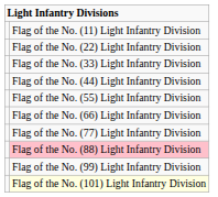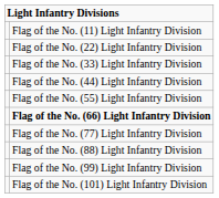 <table class="wikitable">
 <tr>
 <td colspan="2"><strong>Light Infantry Divisions</strong></td>
 </tr>
 <tr>
 <td></td>
 <td>Flag of the No. (11) Light Infantry Division</td>
 </tr>
 <tr>
 <td></td>
 <td>Flag of the No. (22) Light Infantry Division</td>
 </tr>
 <tr>
 <td></td>
 <td>Flag of the No. (33) Light Infantry Division</td>
 </tr>
 <tr>
 <td></td>
 <td>Flag of the No. (44) Light Infantry Division</td>
 </tr>
 <tr>
 <td></td>
 <td>Flag of the No. (55) Light Infantry Division</td>
 </tr>
 <tr>
 <td></td>
-<td>Flag of the No. (66) Light Infantry Division</td>
+<td><strong>Flag of the No. (66) Light Infantry Division</strong></td>
 </tr>
 <tr>
 <td></td>
 <td>Flag of the No. (77) Light Infantry Division</td>
 </tr>
 <tr>
 <td></td>
-<td style="background: pink;">Flag of the No. (88) Light Infantry Division</td>
+<td>Flag of the No. (88) Light Infantry Division</td>
 </tr>
 <tr>
 <td></td>
 <td>Flag of the No. (99) Light Infantry Division</td>
 </tr>
 <tr>
 <td></td>
-<td style="background: lightyellow;">Flag of the No. (101) Light Infantry Division</td>
+<td>Flag of the No. (101) Light Infantry Division</td>
 </tr>
 </table>
